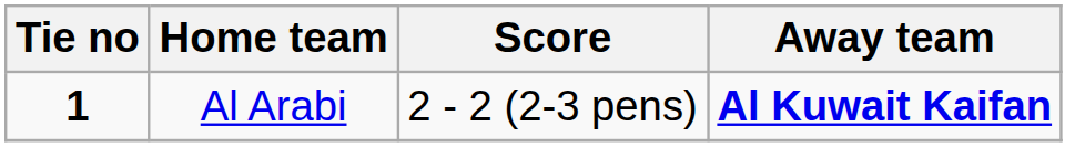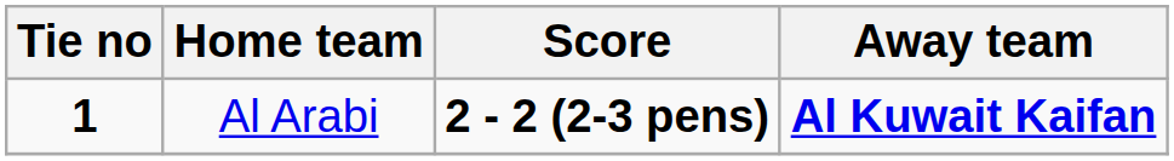 <table class="wikitable" style="text-align: center">
 <tr>
 <th>Tie no</th>
 <th>Home team</th>
 <th>Score</th>
 <th>Away team</th>
 </tr>
 <tr>
 <td><strong>1</strong></td>
 <td><a href='#'>Al Arabi</a></td>
-<td>2 - 2 (2-3 pens)</td>
+<td><strong>2 - 2 (2-3 pens)</strong></td>
 <td><strong><a href='#'>Al Kuwait Kaifan</a></strong></td>
 </tr>
 <tr>
 </tr>
 </table>
